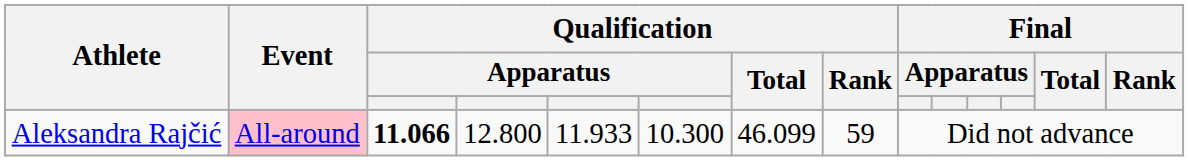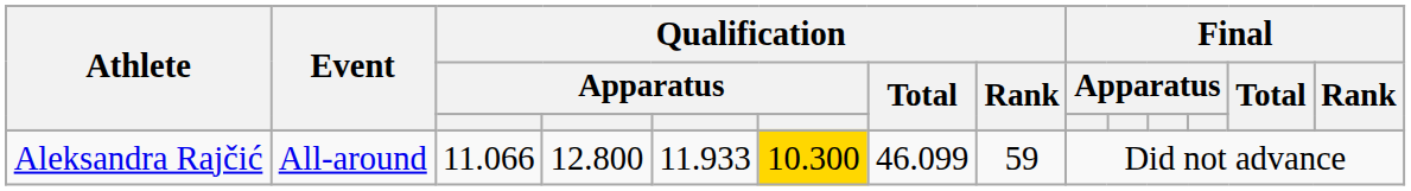 <table class="wikitable" style="font-size:90%">
 <tr>
 <th rowspan=3>Athlete</th>
 <th rowspan=3>Event</th>
 <th colspan =6>Qualification</th>
 <th colspan =6>Final</th>
 </tr>
 <tr style="font-size:95%">
 <th colspan=4>Apparatus</th>
 <th rowspan=2>Total</th>
 <th rowspan=2>Rank</th>
 <th colspan=4>Apparatus</th>
 <th rowspan=2>Total</th>
 <th rowspan=2>Rank</th>
 </tr>
 <tr style="font-size:95%">
 <th></th>
 <th></th>
 <th></th>
 <th></th>
 <th></th>
 <th></th>
 <th></th>
 <th></th>
 </tr>
 <tr align=center>
 <td align=left><a href='#'>Aleksandra Rajčić</a></td>
-<td align=left style="background: pink;"><a href='#'>All-around</a></td>
-<td><strong>11.066</strong></td>
+<td align=left><a href='#'>All-around</a></td>
+<td>11.066</td>
 <td>12.800</td>
 <td>11.933</td>
-<td>10.300</td>
+<td style="background: gold;">10.300</td>
 <td>46.099</td>
 <td>59</td>
 <td colspan=6 align=center>Did not advance</td>
 </tr>
 </table>
